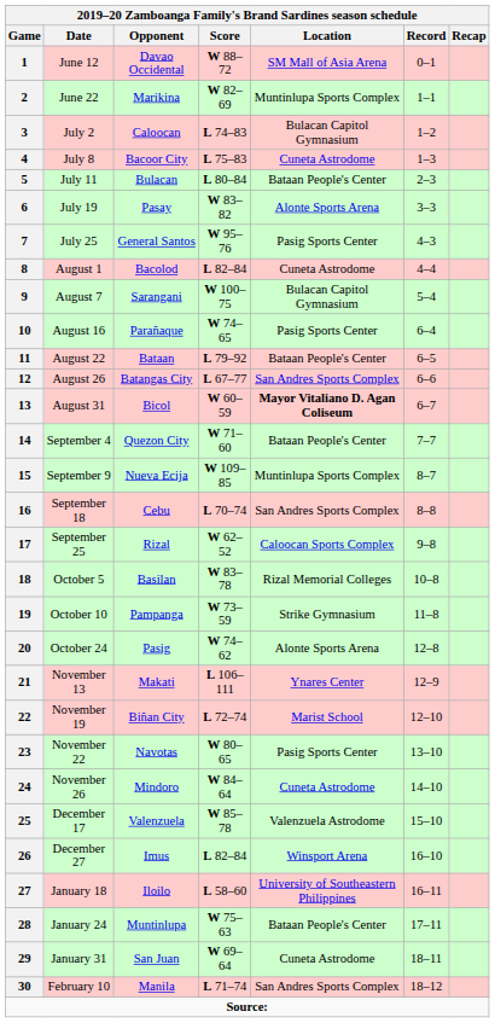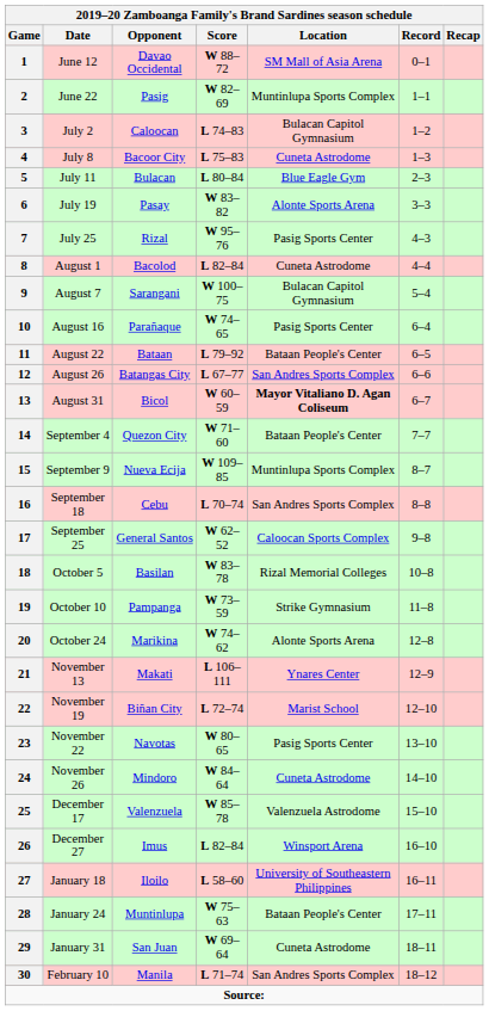 <table class="wikitable" style="text-align:center">
 <tr>
 <th colspan=7>2019–20 Zamboanga Family's Brand Sardines season schedule</th>
 </tr>
 <tr>
 <th>Game</th>
 <th>Date</th>
 <th>Opponent</th>
 <th>Score</th>
 <th>Location</th>
 <th>Record</th>
 <th>Recap<br></th>
 </tr>
 <tr style="background:#fcc">
 <th>1</th>
 <td>June 12</td>
 <td><a href='#'>Davao Occidental</a></td>
 <td><strong>W</strong> 88–72</td>
 <td><a href='#'>SM Mall of Asia Arena</a></td>
 <td>0–1</td>
 <td></td>
 </tr>
 <tr style="background:#cfc">
 <th>2</th>
 <td>June 22</td>
-<td><a href='#'>Marikina</a></td>
+<td><a href='#'>Pasig</a></td>
 <td><strong>W</strong> 82–69</td>
 <td>Muntinlupa Sports Complex</td>
 <td>1–1</td>
 <td></td>
 </tr>
 <tr style="background:#fcc">
 <th>3</th>
 <td>July 2</td>
 <td><a href='#'>Caloocan</a></td>
 <td><strong>L</strong> 74–83</td>
 <td>Bulacan Capitol Gymnasium</td>
 <td>1–2</td>
 <td></td>
 </tr>
 <tr style="background:#fcc">
 <th>4</th>
 <td>July 8</td>
 <td><a href='#'>Bacoor City</a></td>
 <td><strong>L</strong> 75–83</td>
 <td><a href='#'>Cuneta Astrodome</a></td>
 <td>1–3</td>
 <td></td>
 </tr>
 <tr style="background:#cfc">
 <th>5</th>
 <td>July 11</td>
 <td><a href='#'>Bulacan</a></td>
 <td><strong>L</strong> 80–84</td>
-<td>Bataan People's Center</td>
+<td><a href='#'>Blue Eagle Gym</a></td>
 <td>2–3</td>
 <td></td>
 </tr>
 <tr style="background:#cfc">
 <th>6</th>
 <td>July 19</td>
 <td><a href='#'>Pasay</a></td>
 <td><strong>W</strong> 83–82</td>
 <td><a href='#'>Alonte Sports Arena</a></td>
 <td>3–3</td>
 <td></td>
 </tr>
 <tr style="background:#cfc">
 <th>7</th>
 <td>July 25</td>
-<td><a href='#'>General Santos</a></td>
+<td><a href='#'>Rizal</a></td>
 <td><strong>W</strong> 95–76</td>
 <td>Pasig Sports Center</td>
 <td>4–3</td>
 <td></td>
 </tr>
 <tr style="background:#fcc">
 <th>8</th>
 <td>August 1</td>
 <td><a href='#'>Bacolod</a></td>
 <td><strong>L</strong> 82–84</td>
 <td>Cuneta Astrodome</td>
 <td>4–4</td>
 <td></td>
 </tr>
 <tr style="background:#cfc">
 <th>9</th>
 <td>August 7</td>
 <td><a href='#'>Sarangani</a></td>
 <td><strong>W</strong> 100–75</td>
 <td>Bulacan Capitol Gymnasium</td>
 <td>5–4</td>
 <td></td>
 </tr>
 <tr style="background:#cfc">
 <th>10</th>
 <td>August 16</td>
 <td><a href='#'>Parañaque</a></td>
 <td><strong>W</strong> 74–65</td>
 <td>Pasig Sports Center</td>
 <td>6–4</td>
 <td></td>
 </tr>
 <tr style="background:#fcc">
 <th>11</th>
 <td>August 22</td>
 <td><a href='#'>Bataan</a></td>
 <td><strong>L</strong> 79–92</td>
 <td>Bataan People's Center</td>
 <td>6–5</td>
 <td></td>
 </tr>
 <tr style="background:#fcc">
 <th>12</th>
 <td>August 26</td>
 <td><a href='#'>Batangas City</a></td>
 <td><strong>L</strong> 67–77</td>
 <td><a href='#'>San Andres Sports Complex</a></td>
 <td>6–6</td>
 <td></td>
 </tr>
 <tr style="background:#fcc">
 <th>13</th>
 <td>August 31</td>
 <td><a href='#'>Bicol</a></td>
 <td><strong>W</strong> 60–59</td>
 <td><strong>Mayor Vitaliano D. Agan Coliseum</strong></td>
 <td>6–7</td>
 <td><br></td>
 </tr>
 <tr style="background:#cfc">
 <th>14</th>
 <td>September 4</td>
 <td><a href='#'>Quezon City</a></td>
 <td><strong>W</strong> 71–60</td>
 <td>Bataan People's Center</td>
 <td>7–7</td>
 <td></td>
 </tr>
 <tr style="background:#cfc">
 <th>15</th>
 <td>September 9</td>
 <td><a href='#'>Nueva Ecija</a></td>
 <td><strong>W</strong> 109–85</td>
 <td>Muntinlupa Sports Complex</td>
 <td>8–7</td>
 <td></td>
 </tr>
 <tr style="background:#fcc">
 <th>16</th>
 <td>September 18</td>
 <td><a href='#'>Cebu</a></td>
 <td><strong>L</strong> 70–74</td>
 <td>San Andres Sports Complex</td>
 <td>8–8</td>
 <td></td>
 </tr>
 <tr style="background:#cfc">
 <th>17</th>
 <td>September 25</td>
-<td><a href='#'>Rizal</a></td>
+<td><a href='#'>General Santos</a></td>
 <td><strong>W</strong> 62–52</td>
 <td><a href='#'>Caloocan Sports Complex</a></td>
 <td>9–8</td>
 <td></td>
 </tr>
 <tr style="background:#cfc">
 <th>18</th>
 <td>October 5</td>
 <td><a href='#'>Basilan</a></td>
 <td><strong>W</strong> 83–78</td>
 <td>Rizal Memorial Colleges</td>
 <td>10–8</td>
 <td></td>
 </tr>
 <tr style="background:#cfc">
 <th>19</th>
 <td>October 10</td>
 <td><a href='#'>Pampanga</a></td>
 <td><strong>W</strong> 73–59</td>
 <td>Strike Gymnasium</td>
 <td>11–8</td>
 <td></td>
 </tr>
 <tr style="background:#cfc">
 <th>20</th>
 <td>October 24</td>
-<td><a href='#'>Pasig</a></td>
+<td><a href='#'>Marikina</a></td>
 <td><strong>W</strong> 74–62</td>
 <td>Alonte Sports Arena</td>
 <td>12–8</td>
 <td></td>
 </tr>
 <tr style="background:#fcc">
 <th>21</th>
 <td>November 13</td>
 <td><a href='#'>Makati</a></td>
 <td><strong>L</strong> 106–111</td>
 <td><a href='#'>Ynares Center</a></td>
 <td>12–9</td>
 <td></td>
 </tr>
 <tr style="background:#fcc">
 <th>22</th>
 <td>November 19</td>
 <td><a href='#'>Biñan City</a></td>
 <td><strong>L</strong> 72–74</td>
 <td><a href='#'>Marist School</a></td>
 <td>12–10</td>
 <td></td>
 </tr>
 <tr style="background:#cfc">
 <th>23</th>
 <td>November 22</td>
 <td><a href='#'>Navotas</a></td>
 <td><strong>W</strong> 80–65</td>
 <td>Pasig Sports Center</td>
 <td>13–10</td>
 <td></td>
 </tr>
 <tr style="background:#cfc">
 <th>24</th>
 <td>November 26</td>
 <td><a href='#'>Mindoro</a></td>
 <td><strong>W</strong> 84–64</td>
 <td><a href='#'>Cuneta Astrodome</a></td>
 <td>14–10</td>
 <td><br></td>
 </tr>
 <tr style="background:#cfc">
 <th>25</th>
 <td>December 17</td>
 <td><a href='#'>Valenzuela</a></td>
 <td><strong>W</strong> 85–78</td>
 <td>Valenzuela Astrodome</td>
 <td>15–10</td>
 <td></td>
 </tr>
 <tr style="background:#cfc">
 <th>26</th>
 <td>December 27</td>
 <td><a href='#'>Imus</a></td>
 <td><strong>L</strong> 82–84</td>
 <td> <a href='#'>Winsport Arena</a></td>
 <td>16–10</td>
 <td></td>
 </tr>
 <tr style="background:#fcc">
 <th>27</th>
 <td>January 18</td>
 <td><a href='#'>Iloilo</a></td>
 <td><strong>L</strong> 58–60</td>
 <td><a href='#'>University of Southeastern Philippines</a></td>
 <td>16–11</td>
 <td></td>
 </tr>
 <tr style="background:#cfc">
 <th>28</th>
 <td>January 24</td>
 <td><a href='#'>Muntinlupa</a></td>
 <td><strong>W</strong> 75–63</td>
 <td>Bataan People's Center</td>
 <td>17–11</td>
 <td></td>
 </tr>
 <tr style="background:#cfc">
 <th>29</th>
 <td>January 31</td>
 <td><a href='#'>San Juan</a></td>
 <td><strong>W</strong> 69–64</td>
 <td>Cuneta Astrodome</td>
 <td>18–11</td>
 <td></td>
 </tr>
 <tr style="background:#fcc">
 <th>30</th>
 <td>February 10</td>
 <td><a href='#'>Manila</a></td>
 <td><strong>L</strong> 71–74</td>
 <td>San Andres Sports Complex</td>
 <td>18–12</td>
 <td></td>
 </tr>
 <tr>
 <td colspan=7 align=center><strong>Source: </strong></td>
 </tr>
 </table>
